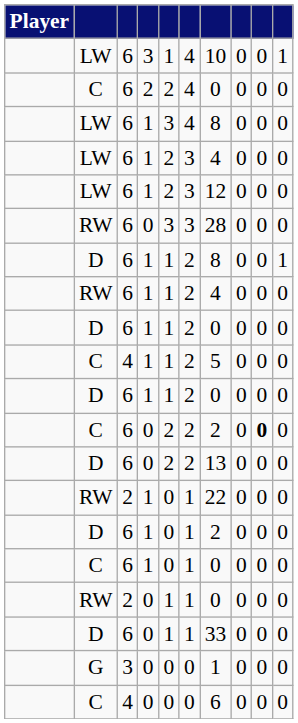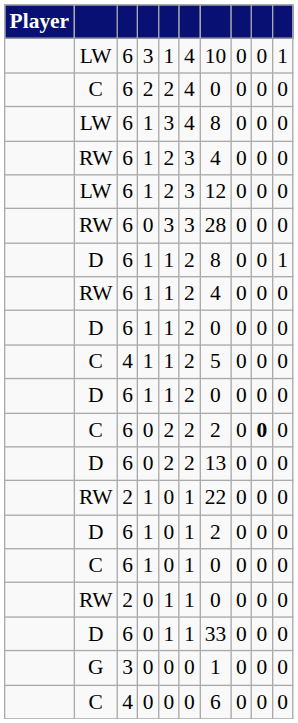 <table class="wikitable sortable">
 <tr align=center>
 <th style="color:white; background:#081073; ">Player</th>
 <th style="color:white; background:#081073; "></th>
 <th style="color:white; background:#081073; "></th>
 <th style="color:white;background:#081073; "></th>
 <th style="color:white;background:#081073; "></th>
 <th style="color:white;background:#081073; "></th>
 <th style="color:white;background:#081073; "></th>
 <th style="color:white;background:#081073; "></th>
 <th style="color:white;background:#081073; "></th>
 <th style="color:white;background:#081073; "></th>
 </tr>
 <tr align="center">
 <td align="right"></td>
 <td>LW</td>
 <td>6</td>
 <td>3</td>
 <td>1</td>
 <td>4</td>
 <td>10</td>
 <td>0</td>
 <td>0</td>
 <td>1</td>
 </tr>
 <tr align="center">
 <td align="right"></td>
 <td>C</td>
 <td>6</td>
 <td>2</td>
 <td>2</td>
 <td>4</td>
 <td>0</td>
 <td>0</td>
 <td>0</td>
 <td>0</td>
 </tr>
 <tr align="center">
 <td align="right"></td>
 <td>LW</td>
 <td>6</td>
 <td>1</td>
 <td>3</td>
 <td>4</td>
 <td>8</td>
 <td>0</td>
 <td>0</td>
 <td>0</td>
 </tr>
 <tr align="center">
 <td align="right"></td>
-<td>LW</td>
+<td>RW</td>
 <td>6</td>
 <td>1</td>
 <td>2</td>
 <td>3</td>
 <td>4</td>
 <td>0</td>
 <td>0</td>
 <td>0</td>
 </tr>
 <tr align="center">
 <td align="right"></td>
 <td>LW</td>
 <td>6</td>
 <td>1</td>
 <td>2</td>
 <td>3</td>
 <td>12</td>
 <td>0</td>
 <td>0</td>
 <td>0</td>
 </tr>
 <tr align="center">
 <td align="right"></td>
 <td>RW</td>
 <td>6</td>
 <td>0</td>
 <td>3</td>
 <td>3</td>
 <td>28</td>
 <td>0</td>
 <td>0</td>
 <td>0</td>
 </tr>
 <tr align="center">
 <td align="right"></td>
 <td>D</td>
 <td>6</td>
 <td>1</td>
 <td>1</td>
 <td>2</td>
 <td>8</td>
 <td>0</td>
 <td>0</td>
 <td>1</td>
 </tr>
 <tr align="center">
 <td align="right"></td>
 <td>RW</td>
 <td>6</td>
 <td>1</td>
 <td>1</td>
 <td>2</td>
 <td>4</td>
 <td>0</td>
 <td>0</td>
 <td>0</td>
 </tr>
 <tr align="center">
 <td align="right"></td>
 <td>D</td>
 <td>6</td>
 <td>1</td>
 <td>1</td>
 <td>2</td>
 <td>0</td>
 <td>0</td>
 <td>0</td>
 <td>0</td>
 </tr>
 <tr align="center">
 <td align="right"></td>
 <td>C</td>
 <td>4</td>
 <td>1</td>
 <td>1</td>
 <td>2</td>
 <td>5</td>
 <td>0</td>
 <td>0</td>
 <td>0</td>
 </tr>
 <tr align="center">
 <td align="right"></td>
 <td>D</td>
 <td>6</td>
 <td>1</td>
 <td>1</td>
 <td>2</td>
 <td>0</td>
 <td>0</td>
 <td>0</td>
 <td>0</td>
 </tr>
 <tr align="center">
 <td align="right"></td>
 <td>C</td>
 <td>6</td>
 <td>0</td>
 <td>2</td>
 <td>2</td>
 <td>2</td>
 <td>0</td>
 <td><strong>0</strong></td>
 <td>0</td>
 </tr>
 <tr align="center">
 <td align="right"></td>
 <td>D</td>
 <td>6</td>
 <td>0</td>
 <td>2</td>
 <td>2</td>
 <td>13</td>
 <td>0</td>
 <td>0</td>
 <td>0</td>
 </tr>
 <tr align="center">
 <td align="right"></td>
 <td>RW</td>
 <td>2</td>
 <td>1</td>
 <td>0</td>
 <td>1</td>
 <td>22</td>
 <td>0</td>
 <td>0</td>
 <td>0</td>
 </tr>
 <tr align="center">
 <td align="right"></td>
 <td>D</td>
 <td>6</td>
 <td>1</td>
 <td>0</td>
 <td>1</td>
 <td>2</td>
 <td>0</td>
 <td>0</td>
 <td>0</td>
 </tr>
 <tr align="center">
 <td align="right"></td>
 <td>C</td>
 <td>6</td>
 <td>1</td>
 <td>0</td>
 <td>1</td>
 <td>0</td>
 <td>0</td>
 <td>0</td>
 <td>0</td>
 </tr>
 <tr align="center">
 <td align="right"></td>
 <td>RW</td>
 <td>2</td>
 <td>0</td>
 <td>1</td>
 <td>1</td>
 <td>0</td>
 <td>0</td>
 <td>0</td>
 <td>0</td>
 </tr>
 <tr align="center">
 <td align="right"></td>
 <td>D</td>
 <td>6</td>
 <td>0</td>
 <td>1</td>
 <td>1</td>
 <td>33</td>
 <td>0</td>
 <td>0</td>
 <td>0</td>
 </tr>
 <tr align="center">
 <td align="right"></td>
 <td>G</td>
 <td>3</td>
 <td>0</td>
 <td>0</td>
 <td>0</td>
 <td>1</td>
 <td>0</td>
 <td>0</td>
 <td>0</td>
 </tr>
 <tr align="center">
 <td align="right"></td>
 <td>C</td>
 <td>4</td>
 <td>0</td>
 <td>0</td>
 <td>0</td>
 <td>6</td>
 <td>0</td>
 <td>0</td>
 <td>0</td>
 </tr>
 </table>
